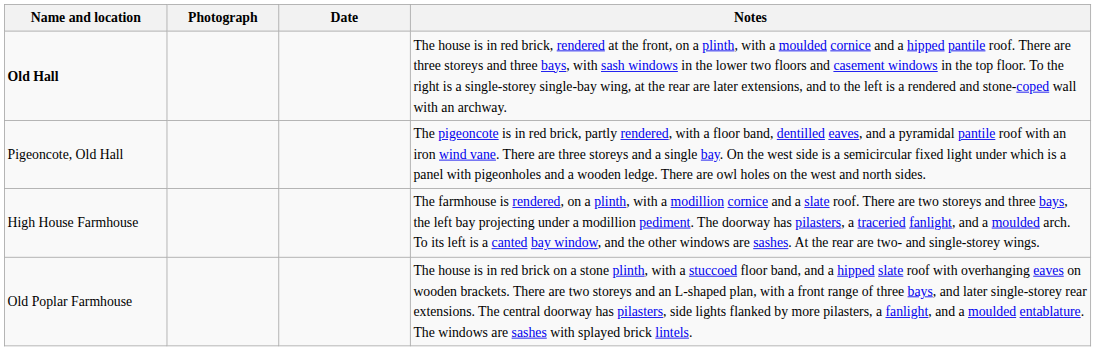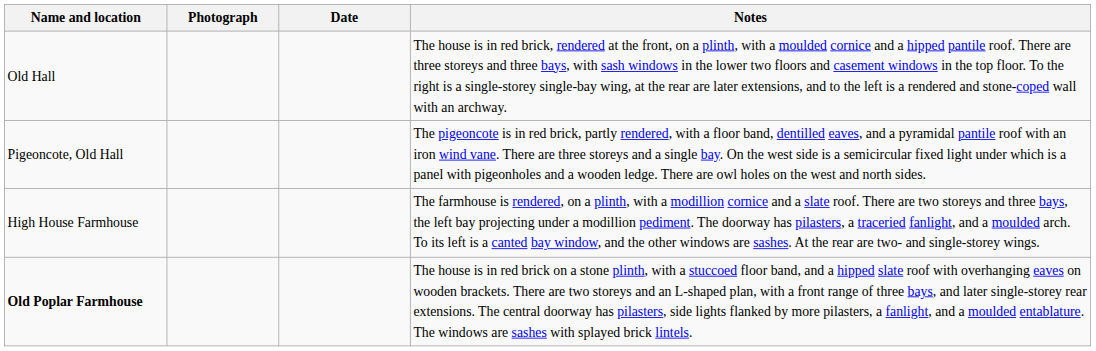 <table class="wikitable sortable plainrowheaders" style="width:100%; border:0px; text-align:left; line-height:150%">
 <tr>
 <th scope="col"  style="width:150px">Name and location</th>
 <th scope="col"  style="width:100px" class="unsortable">Photograph</th>
 <th scope="col"  style="width:120px">Date</th>
 <th scope="col"  style="width:650px" class="unsortable">Notes</th>
 </tr>
 <tr>
-<td><strong>Old Hall<br><small></small></strong></td>
+<td>Old Hall<br><small></small></td>
 <td></td>
 <td align="center"></td>
 <td>The house is in red brick, <a href='#'>rendered</a> at the front, on a <a href='#'>plinth</a>, with a <a href='#'>moulded</a> <a href='#'>cornice</a> and a <a href='#'>hipped</a> <a href='#'>pantile</a> roof.  There are three storeys and three <a href='#'>bays</a>, with <a href='#'>sash windows</a> in the lower two floors and <a href='#'>casement windows</a> in the top floor.  To the right is a single-storey single-bay wing, at the rear are later extensions, and to the left is a rendered and stone-<a href='#'>coped</a> wall with an archway.</td>
 </tr>
 <tr>
 <td>Pigeoncote, Old Hall<br><small></small></td>
 <td></td>
 <td align="center"></td>
 <td>The <a href='#'>pigeoncote</a> is in red brick, partly <a href='#'>rendered</a>, with a floor band, <a href='#'>dentilled</a> <a href='#'>eaves</a>, and a pyramidal <a href='#'>pantile</a> roof with an iron <a href='#'>wind vane</a>.  There are three storeys and a single <a href='#'>bay</a>.  On the west side is a semicircular fixed light under which is a panel with pigeonholes and a wooden ledge.  There are owl holes on the west and north sides.</td>
 </tr>
 <tr>
 <td>High House Farmhouse<br><small></small></td>
 <td></td>
 <td align="center"></td>
 <td>The farmhouse is <a href='#'>rendered</a>, on a <a href='#'>plinth</a>, with a <a href='#'>modillion</a> <a href='#'>cornice</a> and a <a href='#'>slate</a> roof.  There are two storeys and three <a href='#'>bays</a>, the left bay projecting under a modillion <a href='#'>pediment</a>.  The doorway has <a href='#'>pilasters</a>, a <a href='#'>traceried</a> <a href='#'>fanlight</a>, and a <a href='#'>moulded</a> arch.  To its left is a <a href='#'>canted</a> <a href='#'>bay window</a>, and the other windows are <a href='#'>sashes</a>.  At the rear are two- and single-storey wings.</td>
 </tr>
 <tr>
-<td>Old Poplar Farmhouse<br><small></small></td>
+<td><strong>Old Poplar Farmhouse<br><small></small></strong></td>
 <td></td>
 <td align="center"></td>
 <td>The house is in red brick on a stone <a href='#'>plinth</a>, with a <a href='#'>stuccoed</a> floor band, and a <a href='#'>hipped</a> <a href='#'>slate</a> roof with overhanging <a href='#'>eaves</a> on wooden brackets.  There are two storeys and an L-shaped plan, with a front range of three <a href='#'>bays</a>, and later single-storey rear extensions.  The central doorway has <a href='#'>pilasters</a>, side lights flanked by more pilasters, a <a href='#'>fanlight</a>, and a <a href='#'>moulded</a> <a href='#'>entablature</a>.  The windows are <a href='#'>sashes</a> with splayed brick <a href='#'>lintels</a>.</td>
 </tr>
 <tr>
 </tr>
 </table>
